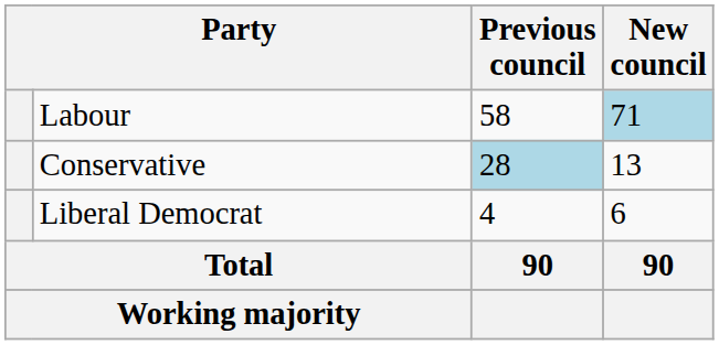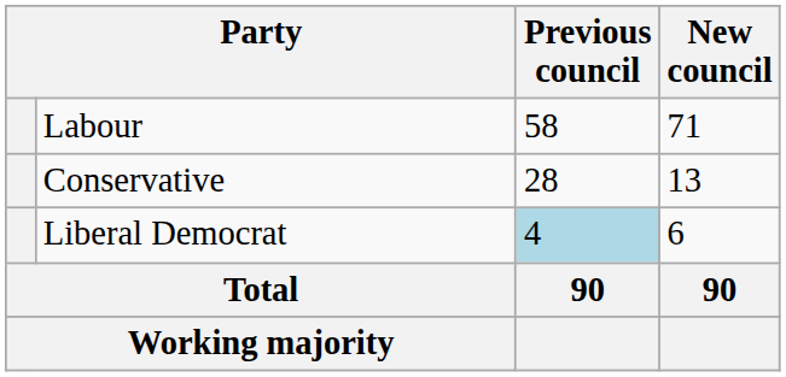 <table class="wikitable">
 <tr>
 <th valign=top colspan="2" style="width: 230px">Party</th>
 <th valign=top style="width: 30px">Previous council</th>
 <th valign=top style="width: 30px">New council</th>
 </tr>
 <tr>
 <th style="background-color: "></th>
 <td>Labour</td>
 <td>58</td>
-<td style="background: lightblue;">71</td>
+<td>71</td>
 </tr>
 <tr>
 <th style="background-color: "></th>
 <td>Conservative</td>
-<td style="background: lightblue;">28</td>
+<td>28</td>
 <td>13</td>
 </tr>
 <tr>
 <th style="background-color: "></th>
 <td>Liberal Democrat</td>
-<td>4</td>
+<td style="background: lightblue;">4</td>
 <td>6</td>
 </tr>
 <tr>
 <th colspan=2>Total</th>
 <th style="text-align: center">90</th>
 <th colspan=3>90</th>
 </tr>
 <tr>
 <th colspan=2>Working majority</th>
 <th></th>
 <th></th>
 </tr>
 </table>
